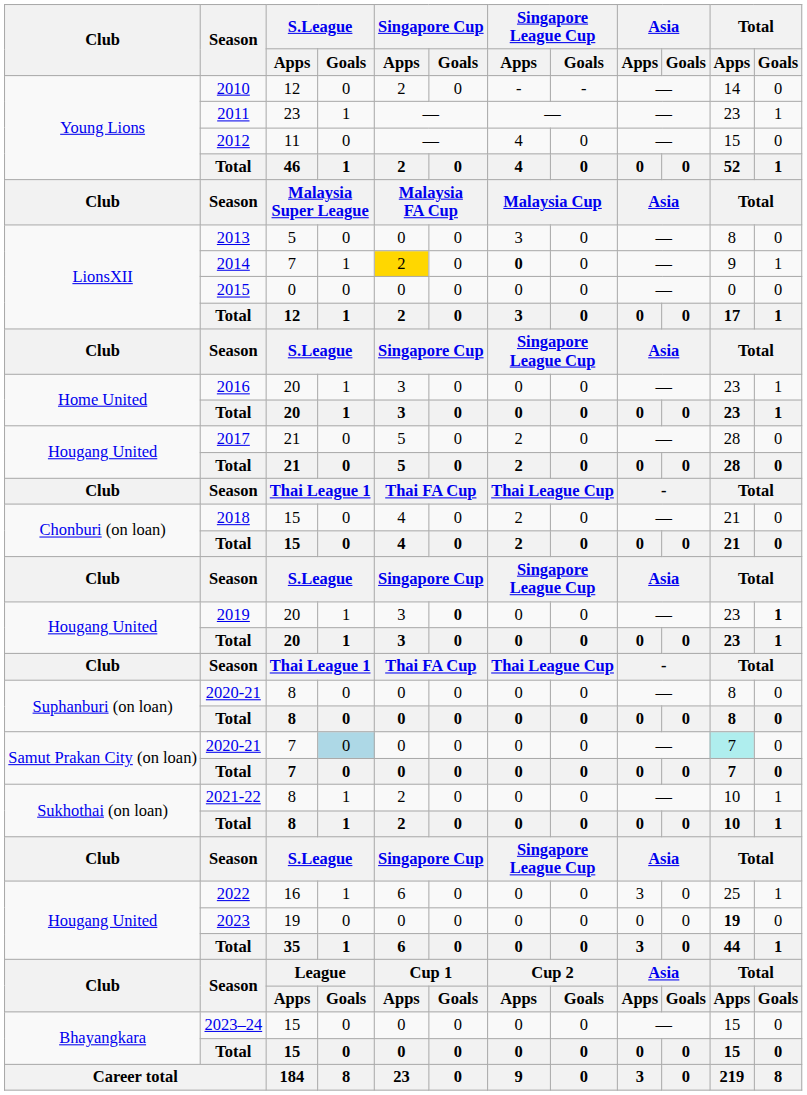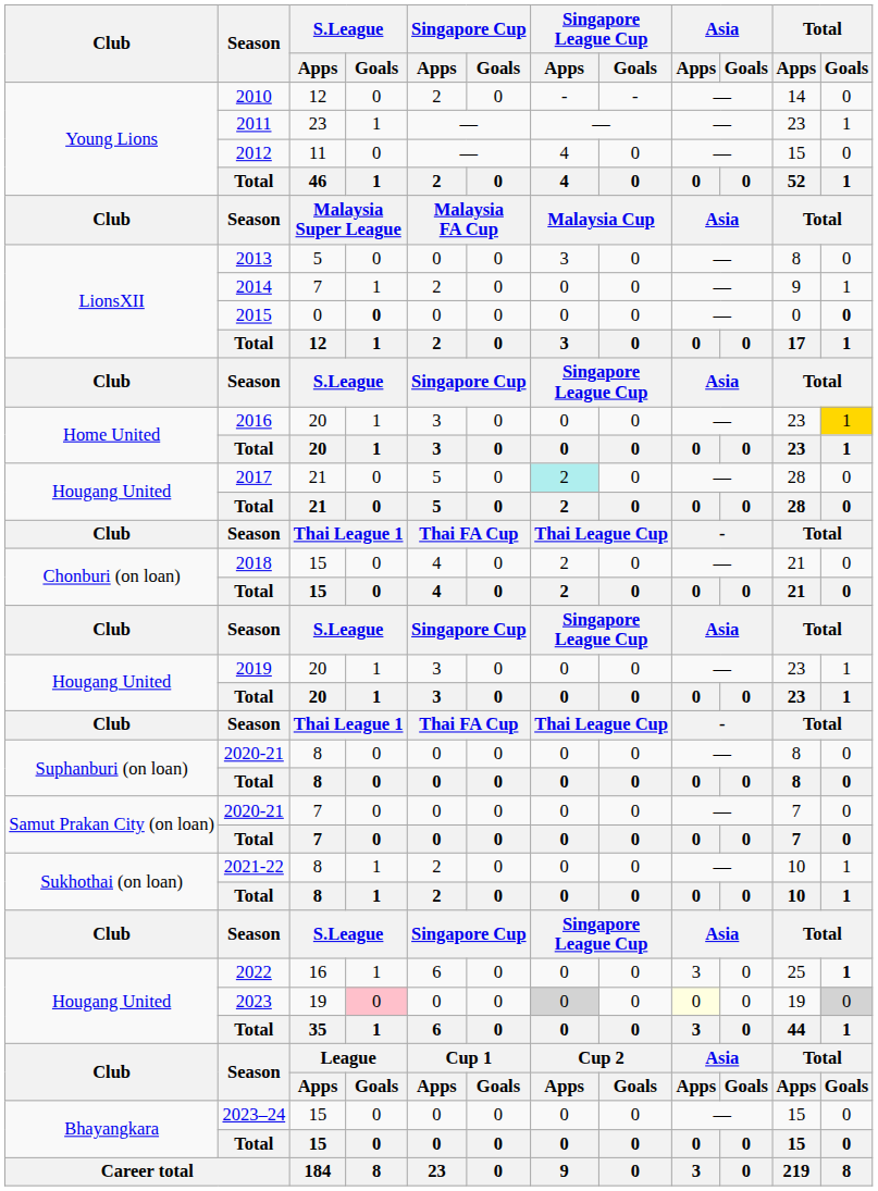 <table class="wikitable" style="text-align:center">
 <tr>
 <th rowspan="2">Club</th>
 <th rowspan="2">Season</th>
 <th colspan="2"><a href='#'>S.League</a></th>
 <th colspan="2"><a href='#'>Singapore Cup</a></th>
 <th colspan="2"><a href='#'>Singapore<br>League Cup</a></th>
 <th colspan="2"><a href='#'>Asia</a></th>
 <th colspan="2">Total</th>
 </tr>
 <tr>
 <th>Apps</th>
 <th>Goals</th>
 <th>Apps</th>
 <th>Goals</th>
 <th>Apps</th>
 <th>Goals</th>
 <th>Apps</th>
 <th>Goals</th>
 <th>Apps</th>
 <th>Goals</th>
 </tr>
 <tr>
 <td rowspan="4"><a href='#'>Young Lions</a></td>
 <td><a href='#'>2010</a></td>
 <td>12</td>
 <td>0</td>
 <td>2</td>
 <td>0</td>
 <td>-</td>
 <td>-</td>
 <td colspan='2'>—</td>
 <td>14</td>
 <td>0</td>
 </tr>
 <tr>
 <td><a href='#'>2011</a></td>
 <td>23</td>
 <td>1</td>
 <td colspan='2'>—</td>
 <td colspan='2'>—</td>
 <td colspan='2'>—</td>
 <td>23</td>
 <td>1</td>
 </tr>
 <tr>
 <td><a href='#'>2012</a></td>
 <td>11</td>
 <td>0</td>
 <td colspan='2'>—</td>
 <td>4</td>
 <td>0</td>
 <td colspan='2'>—</td>
 <td>15</td>
 <td>0</td>
 </tr>
 <tr>
 <th>Total</th>
 <th>46</th>
 <th>1</th>
 <th>2</th>
 <th>0</th>
 <th>4</th>
 <th>0</th>
 <th>0</th>
 <th>0</th>
 <th>52</th>
 <th>1</th>
 </tr>
 <tr>
 <th>Club</th>
 <th>Season</th>
 <th colspan="2"><a href='#'>Malaysia<br>Super League</a></th>
 <th colspan="2"><a href='#'>Malaysia<br>FA Cup</a></th>
 <th colspan="2"><a href='#'>Malaysia Cup</a></th>
 <th colspan="2"><a href='#'>Asia</a></th>
 <th colspan="2">Total</th>
 </tr>
 <tr>
 <td rowspan="4"><a href='#'>LionsXII</a></td>
 <td><a href='#'>2013</a></td>
 <td>5</td>
 <td>0</td>
 <td>0</td>
 <td>0</td>
 <td>3</td>
 <td>0</td>
 <td colspan='2'>—</td>
 <td>8</td>
 <td>0</td>
 </tr>
 <tr>
 <td><a href='#'>2014</a></td>
 <td>7</td>
 <td>1</td>
-<td style="background: gold;">2</td>
+<td>2</td>
 <td>0</td>
-<td><strong>0</strong></td>
+<td>0</td>
 <td>0</td>
 <td colspan='2'>—</td>
 <td>9</td>
 <td>1</td>
 </tr>
 <tr>
 <td><a href='#'>2015</a></td>
 <td>0</td>
-<td>0</td>
+<td><strong>0</strong></td>
 <td>0</td>
 <td>0</td>
 <td>0</td>
 <td>0</td>
 <td colspan="2">—</td>
 <td>0</td>
-<td>0</td>
+<td><strong>0</strong></td>
 </tr>
 <tr>
 <th>Total</th>
 <th>12</th>
 <th>1</th>
 <th>2</th>
 <th>0</th>
 <th>3</th>
 <th>0</th>
 <th>0</th>
 <th>0</th>
 <th>17</th>
 <th>1</th>
 </tr>
 <tr>
 <th rowspan="1">Club</th>
 <th rowspan="1">Season</th>
 <th colspan="2"><a href='#'>S.League</a></th>
 <th colspan="2"><a href='#'>Singapore Cup</a></th>
 <th colspan="2"><a href='#'>Singapore<br>League Cup</a></th>
 <th colspan="2"><a href='#'>Asia</a></th>
 <th colspan="2">Total</th>
 </tr>
 <tr>
 <td rowspan="2"><a href='#'>Home United</a></td>
 <td><a href='#'>2016</a></td>
 <td>20</td>
 <td>1</td>
 <td>3</td>
 <td>0</td>
 <td>0</td>
 <td>0</td>
 <td colspan="2">—</td>
 <td>23</td>
-<td>1</td>
+<td style="background: gold;">1</td>
 </tr>
 <tr>
 <th>Total</th>
 <th>20</th>
 <th>1</th>
 <th>3</th>
 <th>0</th>
 <th>0</th>
 <th>0</th>
 <th>0</th>
 <th>0</th>
 <th>23</th>
 <th>1</th>
 </tr>
 <tr>
 <td rowspan="2"><a href='#'>Hougang United</a></td>
 <td><a href='#'>2017</a></td>
 <td>21</td>
 <td>0</td>
 <td>5</td>
 <td>0</td>
-<td>2</td>
+<td style="background: paleturquoise;">2</td>
 <td>0</td>
 <td colspan='2'>—</td>
 <td>28</td>
 <td>0</td>
 </tr>
 <tr>
 <th>Total</th>
 <th>21</th>
 <th>0</th>
 <th>5</th>
 <th>0</th>
 <th>2</th>
 <th>0</th>
 <th>0</th>
 <th>0</th>
 <th>28</th>
 <th>0</th>
 </tr>
 <tr>
 <th rowspan="1">Club</th>
 <th rowspan="1">Season</th>
 <th colspan="2"><a href='#'>Thai League 1</a></th>
 <th colspan="2"><a href='#'>Thai FA Cup</a></th>
 <th colspan="2"><a href='#'>Thai League Cup</a></th>
 <th colspan="2">-</th>
 <th colspan="2">Total</th>
 </tr>
 <tr>
 <td rowspan="2"><a href='#'>Chonburi</a> (on loan)</td>
 <td><a href='#'>2018</a></td>
 <td>15</td>
 <td>0</td>
 <td>4</td>
 <td>0</td>
 <td>2</td>
 <td>0</td>
 <td colspan="2">—</td>
 <td>21</td>
 <td>0</td>
 </tr>
 <tr>
 <th>Total</th>
 <th>15</th>
 <th>0</th>
 <th>4</th>
 <th>0</th>
 <th>2</th>
 <th>0</th>
 <th>0</th>
 <th>0</th>
 <th>21</th>
 <th>0</th>
 </tr>
 <tr>
 <th rowspan="1">Club</th>
 <th rowspan="1">Season</th>
 <th colspan="2"><a href='#'>S.League</a></th>
 <th colspan="2"><a href='#'>Singapore Cup</a></th>
 <th colspan="2"><a href='#'>Singapore<br>League Cup</a></th>
 <th colspan="2"><a href='#'>Asia</a></th>
 <th colspan="2">Total</th>
 </tr>
 <tr>
 <td rowspan="2"><a href='#'>Hougang United</a></td>
 <td><a href='#'>2019</a></td>
 <td>20</td>
 <td>1</td>
 <td>3</td>
-<td><strong>0</strong></td>
+<td>0</td>
 <td>0</td>
 <td>0</td>
 <td colspan='2'>—</td>
 <td>23</td>
-<td><strong>1</strong></td>
+<td>1</td>
 </tr>
 <tr>
 <th>Total</th>
 <th>20</th>
 <th>1</th>
 <th>3</th>
 <th>0</th>
 <th>0</th>
 <th>0</th>
 <th>0</th>
 <th>0</th>
 <th>23</th>
 <th>1</th>
 </tr>
 <tr>
 <th rowspan="1">Club</th>
 <th rowspan="1">Season</th>
 <th colspan="2"><a href='#'>Thai League 1</a></th>
 <th colspan="2"><a href='#'>Thai FA Cup</a></th>
 <th colspan="2"><a href='#'>Thai League Cup</a></th>
 <th colspan="2">-</th>
 <th colspan="2">Total</th>
 </tr>
 <tr>
 <td rowspan="2"><a href='#'>Suphanburi</a> (on loan)</td>
 <td><a href='#'>2020-21</a></td>
 <td>8</td>
 <td>0</td>
 <td>0</td>
 <td>0</td>
 <td>0</td>
 <td>0</td>
 <td colspan="2">—</td>
 <td>8</td>
 <td>0</td>
 </tr>
 <tr>
 <th>Total</th>
 <th>8</th>
 <th>0</th>
 <th>0</th>
 <th>0</th>
 <th>0</th>
 <th>0</th>
 <th>0</th>
 <th>0</th>
 <th>8</th>
 <th>0</th>
 </tr>
 <tr>
 <td rowspan="2"><a href='#'>Samut Prakan City</a> (on loan)</td>
 <td><a href='#'>2020-21</a></td>
 <td>7</td>
-<td style="background: lightblue;">0</td>
+<td>0</td>
 <td>0</td>
 <td>0</td>
 <td>0</td>
 <td>0</td>
 <td colspan="2">—</td>
-<td style="background: paleturquoise;">7</td>
+<td>7</td>
 <td>0</td>
 </tr>
 <tr>
 <th>Total</th>
 <th>7</th>
 <th>0</th>
 <th>0</th>
 <th>0</th>
 <th>0</th>
 <th>0</th>
 <th>0</th>
 <th>0</th>
 <th>7</th>
 <th>0</th>
 </tr>
 <tr>
 <td rowspan="2"><a href='#'>Sukhothai</a> (on loan)</td>
 <td><a href='#'>2021-22</a></td>
 <td>8</td>
 <td>1</td>
 <td>2</td>
 <td>0</td>
 <td>0</td>
 <td>0</td>
 <td colspan="2">—</td>
 <td>10</td>
 <td>1</td>
 </tr>
 <tr>
 <th>Total</th>
 <th>8</th>
 <th>1</th>
 <th>2</th>
 <th>0</th>
 <th>0</th>
 <th>0</th>
 <th>0</th>
 <th>0</th>
 <th>10</th>
 <th>1</th>
 </tr>
 <tr>
 <th rowspan="1">Club</th>
 <th rowspan="1">Season</th>
 <th colspan="2"><a href='#'>S.League</a></th>
 <th colspan="2"><a href='#'>Singapore Cup</a></th>
 <th colspan="2"><a href='#'>Singapore<br>League Cup</a></th>
 <th colspan="2"><a href='#'>Asia</a></th>
 <th colspan="2">Total</th>
 </tr>
 <tr>
 <td rowspan="3"><a href='#'>Hougang United</a></td>
 <td><a href='#'>2022</a></td>
 <td>16</td>
 <td>1</td>
 <td>6</td>
 <td>0</td>
 <td>0</td>
 <td>0</td>
 <td>3</td>
 <td>0</td>
 <td>25</td>
-<td>1</td>
+<td><strong>1</strong></td>
 </tr>
 <tr>
 <td><a href='#'>2023</a></td>
 <td>19</td>
+<td style="background: pink;">0</td>
 <td>0</td>
 <td>0</td>
+<td style="background: lightgrey;">0</td>
 <td>0</td>
+<td style="background: lightyellow;">0</td>
 <td>0</td>
-<td>0</td>
-<td>0</td>
-<td>0</td>
-<td><strong>19</strong></td>
-<td>0</td>
+<td>19</td>
+<td style="background: lightgrey;">0</td>
 </tr>
 <tr>
 <th>Total</th>
 <th>35</th>
 <th>1</th>
 <th>6</th>
 <th>0</th>
 <th>0</th>
 <th>0</th>
 <th>3</th>
 <th>0</th>
 <th>44</th>
 <th>1</th>
 </tr>
 <tr>
 <th rowspan="2">Club</th>
 <th rowspan="2">Season</th>
 <th colspan="2">League</th>
 <th colspan="2">Cup 1</th>
 <th colspan="2">Cup 2</th>
 <th colspan="2"><a href='#'>Asia</a></th>
 <th colspan="2">Total</th>
 </tr>
 <tr>
 <th>Apps</th>
 <th>Goals</th>
 <th>Apps</th>
 <th>Goals</th>
 <th>Apps</th>
 <th>Goals</th>
 <th>Apps</th>
 <th>Goals</th>
 <th>Apps</th>
 <th>Goals</th>
 </tr>
 <tr>
 <td rowspan="2"><a href='#'>Bhayangkara</a></td>
 <td><a href='#'>2023–24</a></td>
 <td>15</td>
 <td>0</td>
 <td>0</td>
 <td>0</td>
 <td>0</td>
 <td>0</td>
 <td colspan="2">—</td>
 <td>15</td>
 <td>0</td>
 </tr>
 <tr>
 <th>Total</th>
 <th>15</th>
 <th>0</th>
 <th>0</th>
 <th>0</th>
 <th>0</th>
 <th>0</th>
 <th>0</th>
 <th>0</th>
 <th>15</th>
 <th>0</th>
 </tr>
 <tr>
 <th colspan="2">Career total</th>
 <th>184</th>
 <th>8</th>
 <th>23</th>
 <th>0</th>
 <th>9</th>
 <th>0</th>
 <th>3</th>
 <th>0</th>
 <th>219</th>
 <th>8</th>
 </tr>
 </table>
